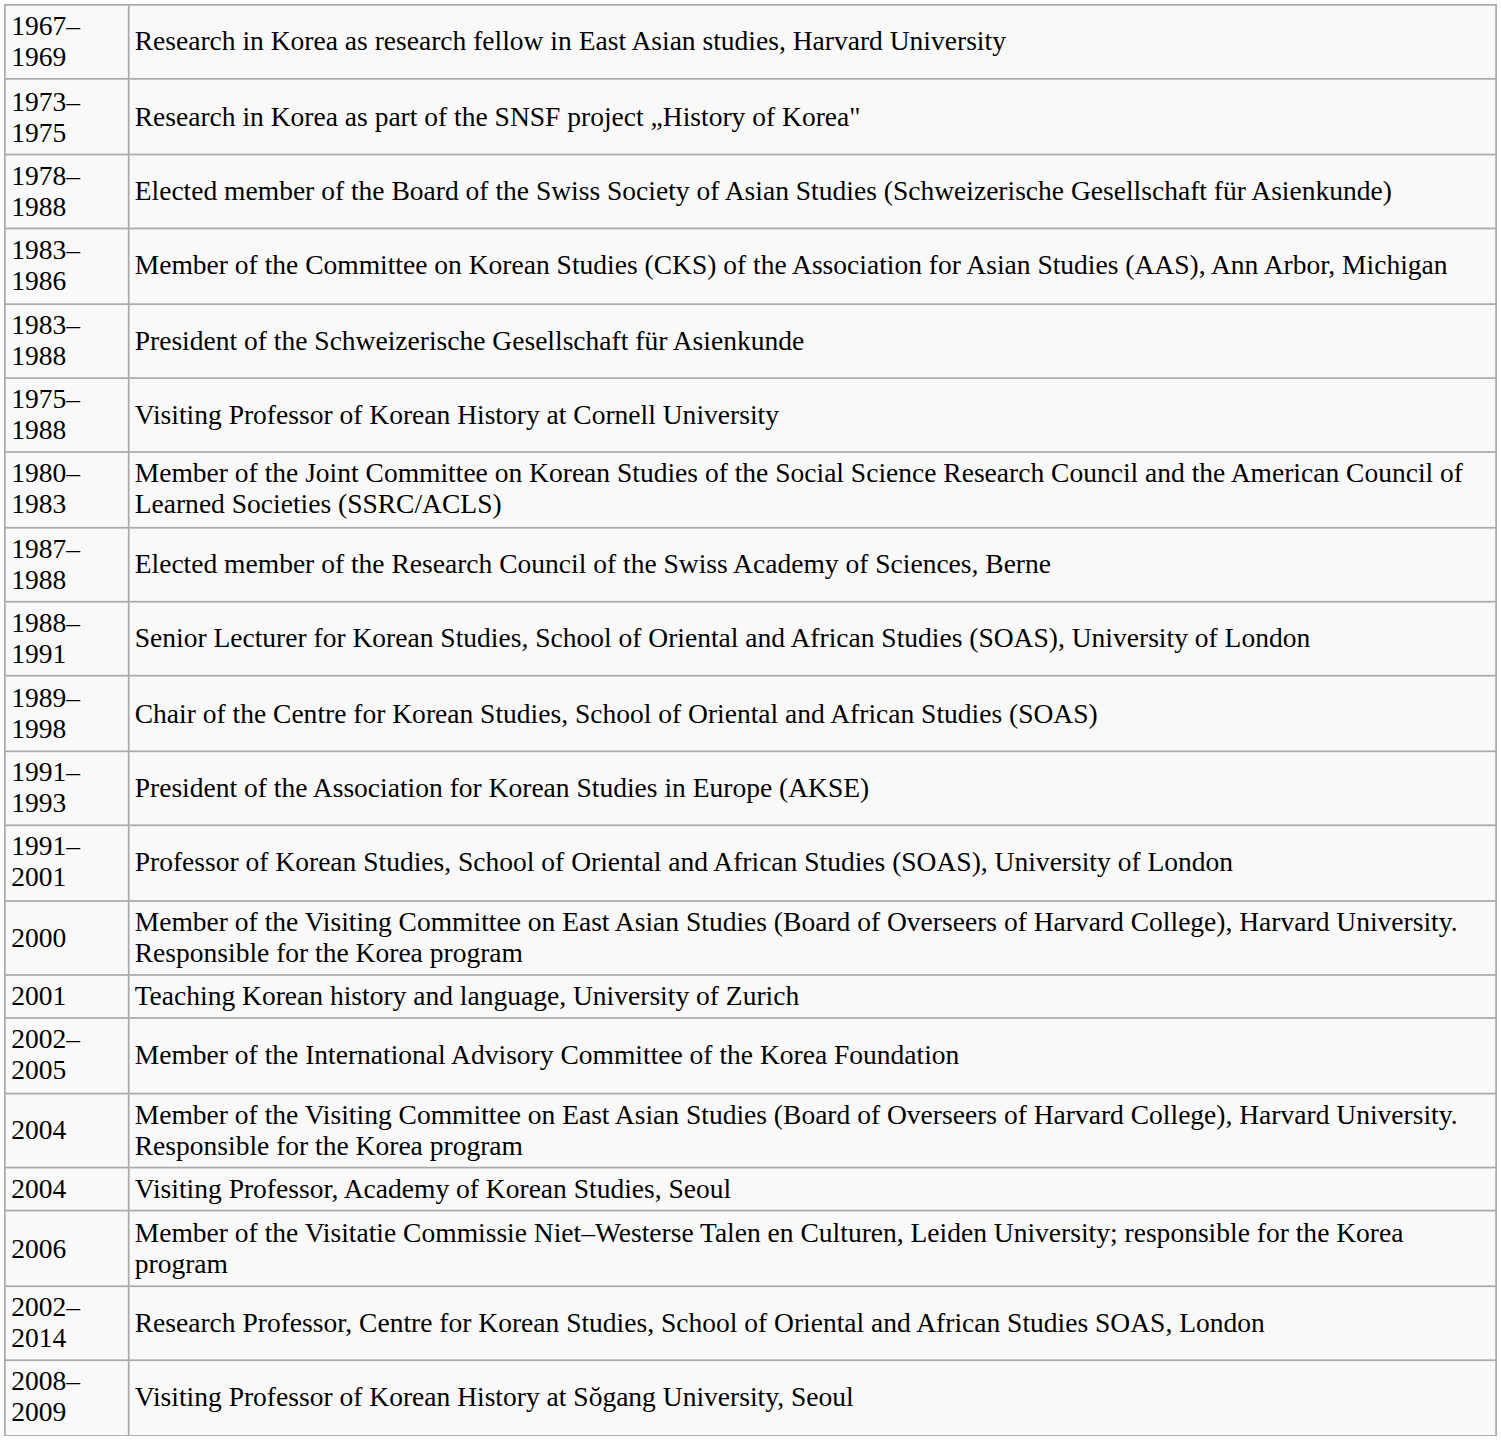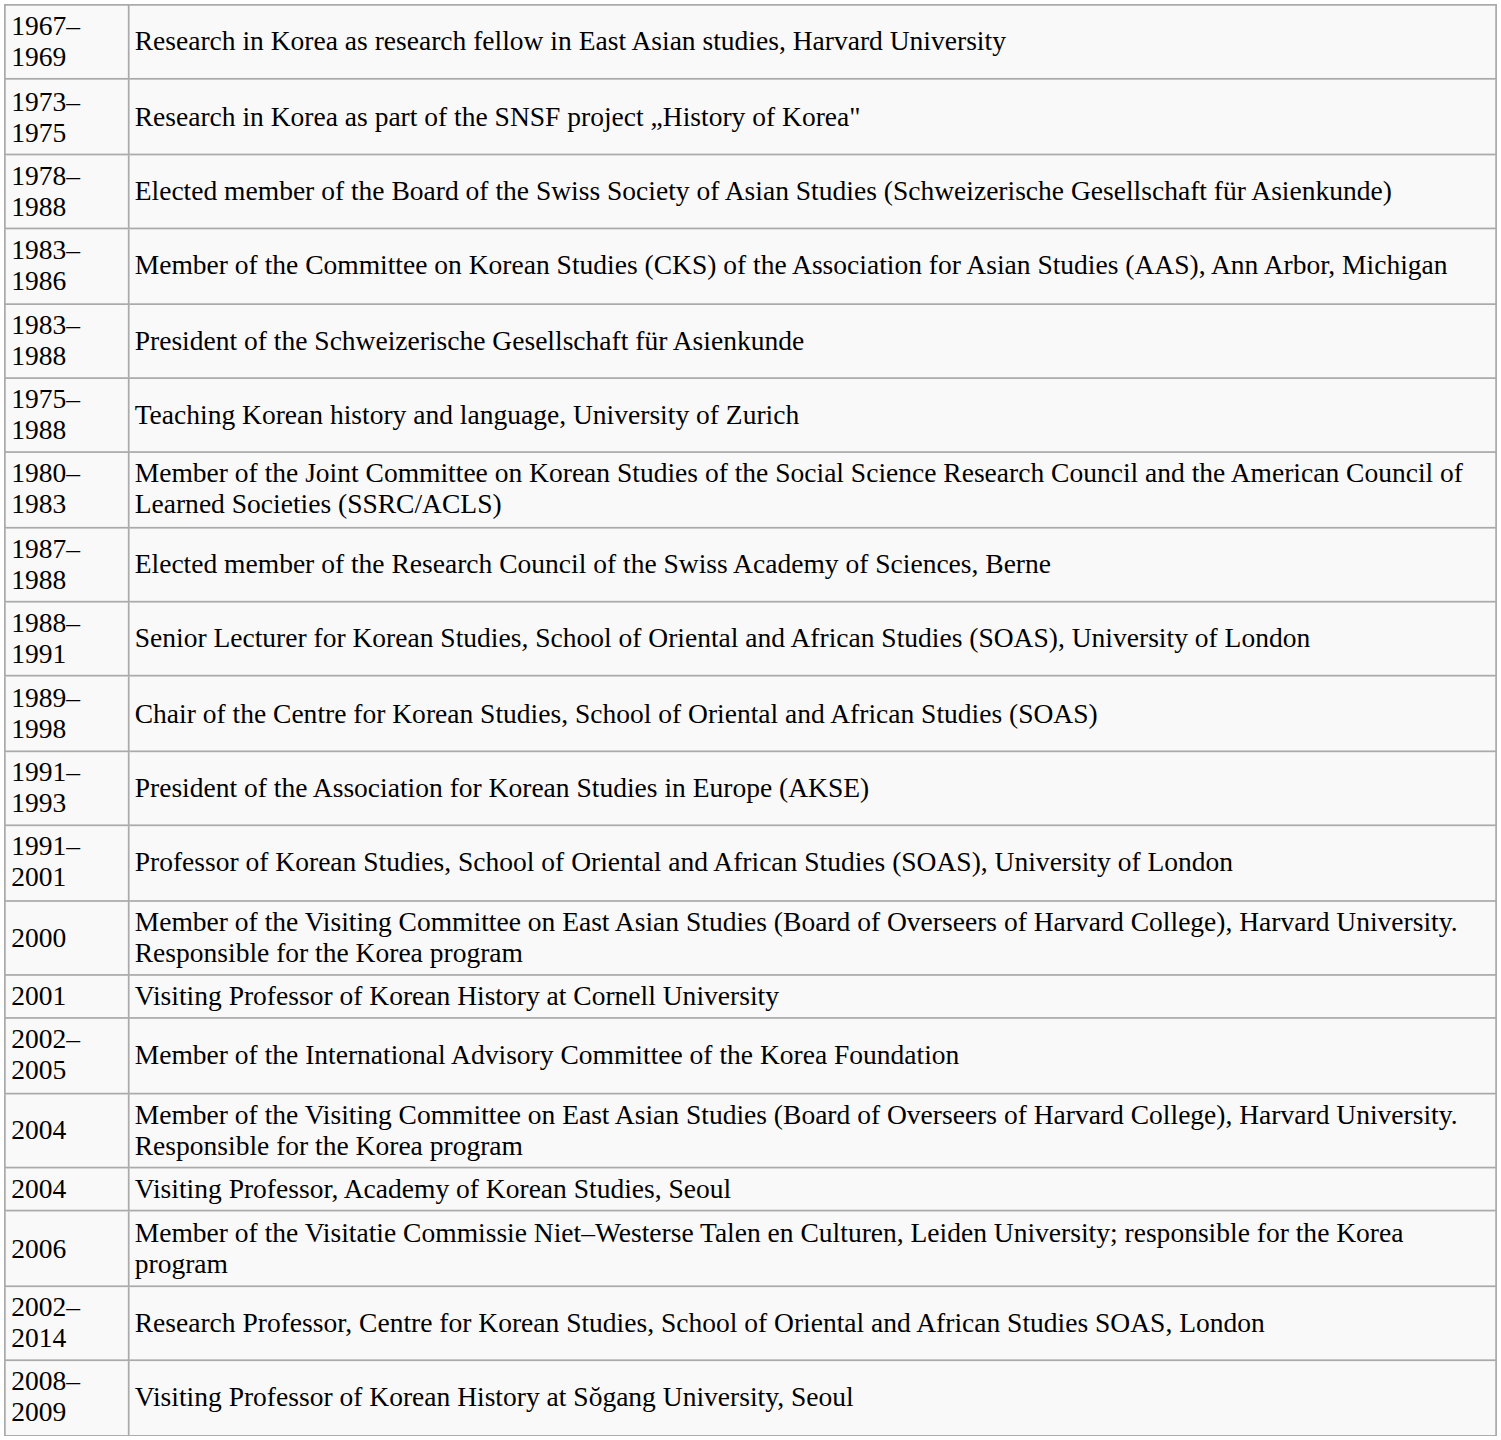 <table class="wikitable">
 <tr>
 <td>1967–1969</td>
 <td>Research in Korea as research fellow in East Asian studies, Harvard University</td>
 </tr>
 <tr>
 <td>1973–1975</td>
 <td>Research in Korea as part of the SNSF project „History of Korea"</td>
 </tr>
 <tr>
 <td>1978–1988</td>
 <td>Elected member of the Board of the Swiss Society of Asian Studies (Schweizerische Gesellschaft für Asienkunde)</td>
 </tr>
 <tr>
 <td>1983–1986</td>
 <td>Member of the Committee on Korean Studies (CKS) of the Association for Asian Studies (AAS), Ann Arbor, Michigan</td>
 </tr>
 <tr>
 <td>1983–1988</td>
 <td>President of the Schweizerische Gesellschaft für Asienkunde</td>
 </tr>
 <tr>
 <td>1975–1988</td>
-<td>Visiting Professor of Korean History at Cornell University</td>
+<td>Teaching Korean history and language, University of Zurich</td>
 </tr>
 <tr>
 <td>1980–1983</td>
 <td>Member of the Joint Committee on Korean Studies of the Social Science Research Council and the American Council of Learned Societies (SSRC/ACLS)</td>
 </tr>
 <tr>
 <td>1987–1988</td>
 <td>Elected member of the Research Council of the Swiss Academy of Sciences, Berne</td>
 </tr>
 <tr>
 <td>1988–1991</td>
 <td>Senior Lecturer for Korean Studies<em>,</em> School of Oriental and African Studies (SOAS), University of London</td>
 </tr>
 <tr>
 <td>1989–1998</td>
 <td>Chair of the Centre for Korean Studies, School of Oriental and African Studies (SOAS)</td>
 </tr>
 <tr>
 <td>1991–1993</td>
 <td>President of the Association for Korean Studies in Europe (AKSE)</td>
 </tr>
 <tr>
 <td>1991–2001</td>
 <td>Professor of Korean Studies, School of Oriental and African Studies (SOAS), University of London</td>
 </tr>
 <tr>
 <td>2000</td>
 <td>Member of the Visiting Committee on East Asian Studies (Board of Overseers of Harvard College), Harvard University. Responsible for the Korea program</td>
 </tr>
 <tr>
 <td>2001</td>
-<td>Teaching Korean history and language, University of Zurich</td>
+<td>Visiting Professor of Korean History at Cornell University</td>
 </tr>
 <tr>
 <td>2002–2005</td>
 <td>Member of the International Advisory Committee of the Korea Foundation</td>
 </tr>
 <tr>
 <td>2004</td>
 <td>Member of the Visiting Committee on East Asian Studies (Board of Overseers of Harvard College), Harvard University. Responsible for the Korea program</td>
 </tr>
 <tr>
 <td>2004</td>
 <td>Visiting Professor, Academy of Korean Studies, Seoul</td>
 </tr>
 <tr>
 <td>2006</td>
 <td>Member of the Visitatie Commissie Niet–Westerse Talen en Culturen, Leiden University; responsible for the Korea program</td>
 </tr>
 <tr>
 <td>2002–2014</td>
 <td>Research Professor, Centre for Korean Studies, School of Oriental and African Studies SOAS, London</td>
 </tr>
 <tr>
 <td>2008–2009</td>
 <td>Visiting Professor of Korean History at Sŏgang University, Seoul</td>
 </tr>
 </table>
